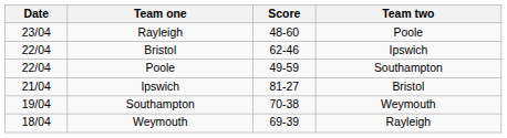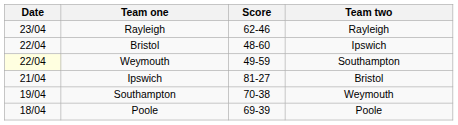 <table class="wikitable" style="text-align: center">
 <tr>
 <th width=80>Date</th>
 <th width=250>Team one</th>
 <th width=80>Score</th>
 <th width=250>Team two</th>
 </tr>
 <tr>
 <td>23/04</td>
 <td>Rayleigh</td>
-<td>48-60</td>
-<td>Poole</td>
+<td>62-46</td>
+<td>Rayleigh</td>
 </tr>
 <tr>
 <td>22/04</td>
 <td>Bristol</td>
-<td>62-46</td>
+<td>48-60</td>
 <td>Ipswich</td>
 </tr>
 <tr>
-<td>22/04</td>
-<td>Poole</td>
+<td style="background: lightyellow;">22/04</td>
+<td>Weymouth</td>
 <td>49-59</td>
 <td>Southampton</td>
 </tr>
 <tr>
 <td>21/04</td>
 <td>Ipswich</td>
 <td>81-27</td>
 <td>Bristol</td>
 </tr>
 <tr>
 <td>19/04</td>
 <td>Southampton</td>
 <td>70-38</td>
 <td>Weymouth</td>
 </tr>
 <tr>
 <td>18/04</td>
-<td>Weymouth</td>
+<td>Poole</td>
 <td>69-39</td>
-<td>Rayleigh</td>
+<td>Poole</td>
 </tr>
 </table>
